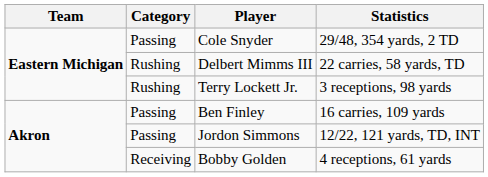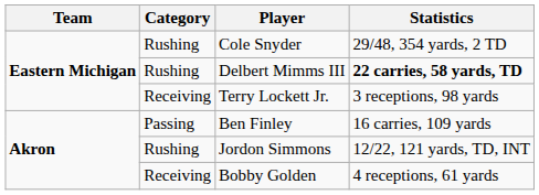 <table class="wikitable" style="float: right;">
 <tr>
 <th>Team</th>
 <th>Category</th>
 <th>Player</th>
 <th>Statistics</th>
 </tr>
 <tr>
 <td rowspan=3><strong>Eastern Michigan</strong></td>
-<td>Passing</td>
+<td>Rushing</td>
 <td>Cole Snyder</td>
 <td>29/48, 354 yards, 2 TD</td>
 </tr>
 <tr>
 <td>Rushing</td>
 <td>Delbert Mimms III</td>
-<td>22 carries, 58 yards, TD</td>
+<td><strong>22 carries, 58 yards, TD</strong></td>
 </tr>
 <tr>
-<td>Rushing</td>
+<td>Receiving</td>
 <td>Terry Lockett Jr.</td>
 <td>3 receptions, 98 yards</td>
 </tr>
 <tr>
 <td rowspan=3><strong>Akron</strong></td>
 <td>Passing</td>
 <td>Ben Finley</td>
 <td>16 carries, 109 yards</td>
 </tr>
 <tr>
-<td>Passing</td>
+<td>Rushing</td>
 <td>Jordon Simmons</td>
 <td>12/22, 121 yards, TD, INT</td>
 </tr>
 <tr>
 <td>Receiving</td>
 <td>Bobby Golden</td>
 <td>4 receptions, 61 yards</td>
 </tr>
 </table>
